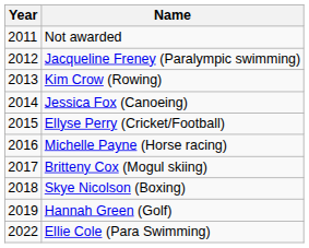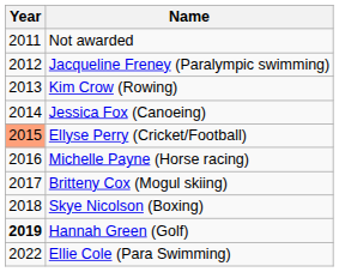 <table class="wikitable sortable">
 <tr>
 <th>Year</th>
 <th>Name</th>
 </tr>
 <tr>
 <td>2011</td>
 <td>Not awarded</td>
 </tr>
 <tr>
 <td>2012</td>
 <td><a href='#'>Jacqueline Freney</a> (Paralympic swimming)</td>
 </tr>
 <tr>
 <td>2013</td>
 <td><a href='#'>Kim Crow</a> (Rowing)</td>
 </tr>
 <tr>
 <td>2014</td>
 <td><a href='#'>Jessica Fox</a> (Canoeing)</td>
 </tr>
 <tr>
-<td>2015</td>
+<td style="background: lightsalmon;">2015</td>
 <td><a href='#'>Ellyse Perry</a> (Cricket/Football)</td>
 </tr>
 <tr>
 <td>2016</td>
 <td><a href='#'>Michelle Payne</a> (Horse racing)</td>
 </tr>
 <tr>
 <td>2017</td>
 <td><a href='#'>Britteny Cox</a> (Mogul skiing)</td>
 </tr>
 <tr>
 <td>2018</td>
 <td><a href='#'>Skye Nicolson</a> (Boxing)</td>
 </tr>
 <tr>
-<td>2019</td>
+<td><strong>2019</strong></td>
 <td><a href='#'>Hannah Green</a> (Golf)</td>
 </tr>
 <tr>
 <td>2022</td>
 <td><a href='#'>Ellie Cole</a> (Para Swimming)</td>
 </tr>
 </table>
